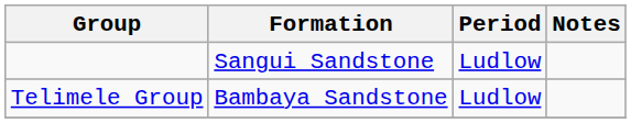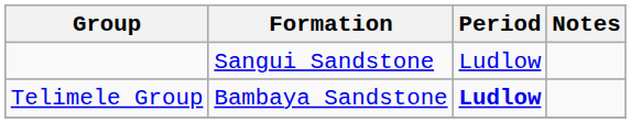 <table class="wikitable sortable">
 <tr>
 <th>Group</th>
 <th>Formation</th>
 <th>Period</th>
 <th class="unsortable">Notes</th>
 </tr>
 <tr>
 <td></td>
 <td><a href='#'>Sangui Sandstone</a></td>
 <td style="background-color: "><a href='#'>Ludlow</a></td>
 <td align=center></td>
 </tr>
 <tr>
 <td><a href='#'>Telimele Group</a></td>
 <td><a href='#'>Bambaya Sandstone</a></td>
-<td style="background-color: "><a href='#'>Ludlow</a></td>
+<td style="background-color: "><strong><a href='#'>Ludlow</a></strong></td>
 <td align=center></td>
 </tr>
 <tr>
 </tr>
 </table>
